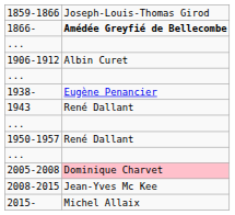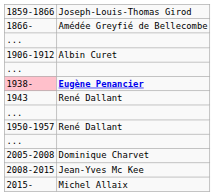 <table class="wikitable">
 <tr>
 <td>1859-1866</td>
 <td>Joseph-Louis-Thomas Girod</td>
 </tr>
 <tr>
 <td>1866-</td>
-<td><strong>Amédée Greyfié de Bellecombe</strong></td>
+<td>Amédée Greyfié de Bellecombe</td>
 </tr>
 <tr>
 <td>...</td>
 <td></td>
 </tr>
 <tr>
 <td>1906-1912</td>
 <td>Albin Curet</td>
 </tr>
 <tr>
 <td>...</td>
 <td></td>
 </tr>
 <tr>
-<td>1938-</td>
-<td><a href='#'>Eugène Penancier</a></td>
+<td style="background: pink;">1938-</td>
+<td><strong><a href='#'>Eugène Penancier</a></strong></td>
 </tr>
 <tr>
 <td>1943</td>
 <td>René Dallant</td>
 </tr>
 <tr>
 <td>...</td>
 <td></td>
 </tr>
 <tr>
 <td>1950-1957</td>
 <td>René Dallant</td>
 </tr>
 <tr>
 <td>...</td>
 <td></td>
 </tr>
 <tr>
 <td>2005-2008</td>
-<td style="background: pink;">Dominique Charvet</td>
+<td>Dominique Charvet</td>
 </tr>
 <tr>
 <td>2008-2015</td>
 <td>Jean-Yves Mc Kee</td>
 </tr>
 <tr>
 <td>2015-</td>
 <td>Michel Allaix</td>
 </tr>
 </table>
